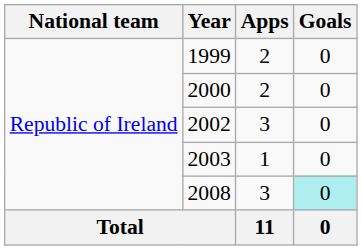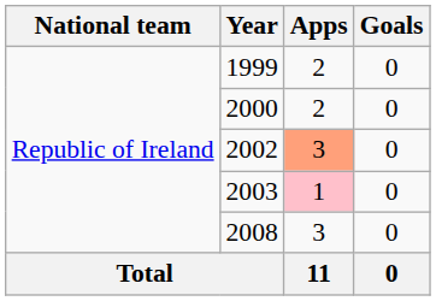 <table class=wikitable style="text-align: center;">
 <tr>
 <th>National team</th>
 <th>Year</th>
 <th>Apps</th>
 <th>Goals</th>
 </tr>
 <tr>
 <td rowspan=5><a href='#'>Republic of Ireland</a></td>
 <td>1999</td>
 <td>2</td>
 <td>0</td>
 </tr>
 <tr>
 <td>2000</td>
 <td>2</td>
 <td>0</td>
 </tr>
 <tr>
 <td>2002</td>
-<td>3</td>
+<td style="background: lightsalmon;">3</td>
 <td>0</td>
 </tr>
 <tr>
 <td>2003</td>
-<td>1</td>
+<td style="background: pink;">1</td>
 <td>0</td>
 </tr>
 <tr>
 <td>2008</td>
 <td>3</td>
-<td style="background: paleturquoise;">0</td>
+<td>0</td>
 </tr>
 <tr>
 <th colspan=2>Total</th>
 <th>11</th>
 <th>0</th>
 </tr>
 </table>
